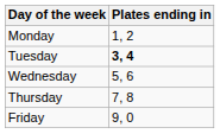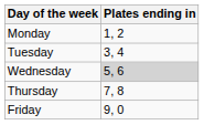 <table class="wikitable">
 <tr>
 <th>Day of the week</th>
 <th>Plates ending in</th>
 </tr>
 <tr>
 <td>Monday</td>
 <td>1, 2</td>
 </tr>
 <tr>
 <td>Tuesday</td>
-<td><strong>3, 4</strong></td>
+<td>3, 4</td>
 </tr>
 <tr>
 <td>Wednesday</td>
-<td>5, 6</td>
+<td style="background: lightgrey;">5, 6</td>
 </tr>
 <tr>
 <td>Thursday</td>
 <td>7, 8</td>
 </tr>
 <tr>
 <td>Friday</td>
 <td>9, 0</td>
 </tr>
 </table>
